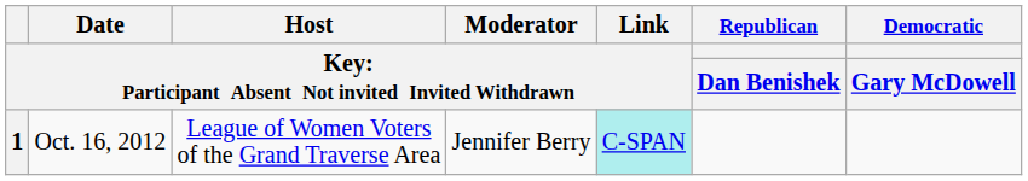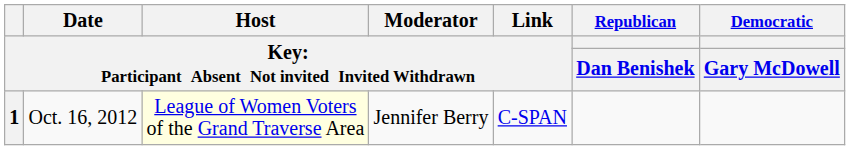 <table class="wikitable" style="text-align:center;">
 <tr>
 <th scope="col"></th>
 <th scope="col">Date</th>
 <th scope="col">Host</th>
 <th scope="col">Moderator</th>
 <th scope="col">Link</th>
 <th scope="col"><small><a href='#'>Republican</a></small></th>
 <th scope="col"><small><a href='#'>Democratic</a></small></th>
 </tr>
 <tr>
 <th colspan="5" rowspan="2">Key:<br> <small>Participant </small>  <small>Absent </small>  <small>Not invited </small>  <small>Invited  Withdrawn</small></th>
 <th scope="col" style="background:"></th>
 <th scope="col" style="background:"></th>
 </tr>
 <tr>
 <th scope="col"><a href='#'>Dan Benishek</a></th>
 <th scope="col"><a href='#'>Gary McDowell</a></th>
 </tr>
 <tr>
 <th>1</th>
 <td style="white-space:nowrap;">Oct. 16, 2012</td>
-<td style="white-space:nowrap;"><a href='#'>League of Women Voters</a><br>of the <a href='#'>Grand Traverse</a> Area</td>
+<td style="background: lightyellow; white-space:nowrap;"><a href='#'>League of Women Voters</a><br>of the <a href='#'>Grand Traverse</a> Area</td>
 <td style="white-space:nowrap;">Jennifer Berry</td>
-<td style="background: paleturquoise; white-space:nowrap;"><a href='#'>C-SPAN</a></td>
+<td style="white-space:nowrap;"><a href='#'>C-SPAN</a></td>
 <td></td>
 <td></td>
 </tr>
 </table>
